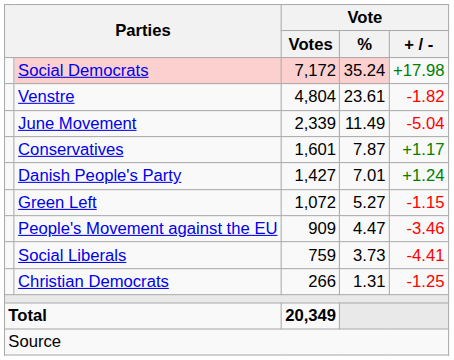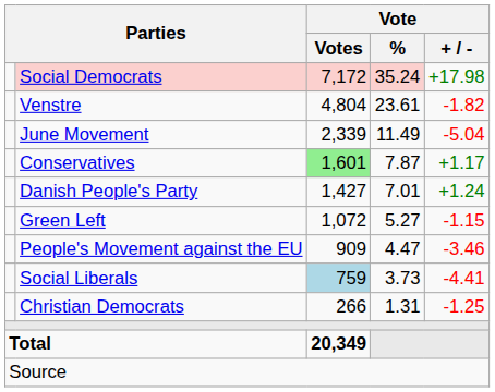 <table class="wikitable" style="text-align:right;">
 <tr>
 <th style="text-align:centre;" rowspan="2" colspan="2" width="225">Parties</th>
 <th colspan="3">Vote</th>
 </tr>
 <tr>
 <th width="15">Votes</th>
 <th width="15">%</th>
 <th width="15">+ / -</th>
 </tr>
 <tr>
 <td width="2" style="color:inherit;background:"></td>
 <td bgcolor=#fbd0ce   align="left"><a href='#'>Social Democrats</a></td>
 <td bgcolor=#fbd0ce>7,172</td>
 <td bgcolor=#fbd0ce>35.24</td>
 <td style=color:green;>+17.98</td>
 </tr>
 <tr>
 <td width="2" style="color:inherit;background:"></td>
 <td align="left"><a href='#'>Venstre</a></td>
 <td>4,804</td>
 <td>23.61</td>
 <td style=color:red;>-1.82</td>
 </tr>
 <tr>
 <td width="2" style="color:inherit;background:"></td>
 <td align="left"><a href='#'>June Movement</a></td>
 <td>2,339</td>
 <td>11.49</td>
 <td style=color:red;>-5.04</td>
 </tr>
 <tr>
 <td width="2" style="color:inherit;background:"></td>
 <td align="left"><a href='#'>Conservatives</a></td>
-<td>1,601</td>
+<td style="background: lightgreen;">1,601</td>
 <td>7.87</td>
 <td style=color:green;>+1.17</td>
 </tr>
 <tr>
 <td width="2" style="color:inherit;background:"></td>
 <td align="left"><a href='#'>Danish People's Party</a></td>
 <td>1,427</td>
 <td>7.01</td>
 <td style=color:green;>+1.24</td>
 </tr>
 <tr>
 <td width="2" style="color:inherit;background:"></td>
 <td align="left"><a href='#'>Green Left</a></td>
 <td>1,072</td>
 <td>5.27</td>
 <td style=color:red;>-1.15</td>
 </tr>
 <tr>
 <td width="2" style="color:inherit;background:"></td>
 <td align="left"><a href='#'>People's Movement against the EU</a></td>
 <td>909</td>
 <td>4.47</td>
 <td style=color:red;>-3.46</td>
 </tr>
 <tr>
 <td width="2" style="color:inherit;background:"></td>
 <td align="left"><a href='#'>Social Liberals</a></td>
-<td>759</td>
+<td style="background: lightblue;">759</td>
 <td>3.73</td>
 <td style=color:red;>-4.41</td>
 </tr>
 <tr>
 <td width="2" style="color:inherit;background:"></td>
 <td align="left"><a href='#'>Christian Democrats</a></td>
 <td>266</td>
 <td>1.31</td>
 <td style=color:red;>-1.25</td>
 </tr>
 <tr>
 <td colspan="7" bgcolor="#E9E9E9"></td>
 </tr>
 <tr>
 <td align="left" colspan="2"><strong>Total</strong></td>
 <td><strong>20,349</strong></td>
 <td bgcolor="#E9E9E9" colspan="2"></td>
 </tr>
 <tr>
 <td align="left" colspan="6">Source</td>
 </tr>
 </table>
